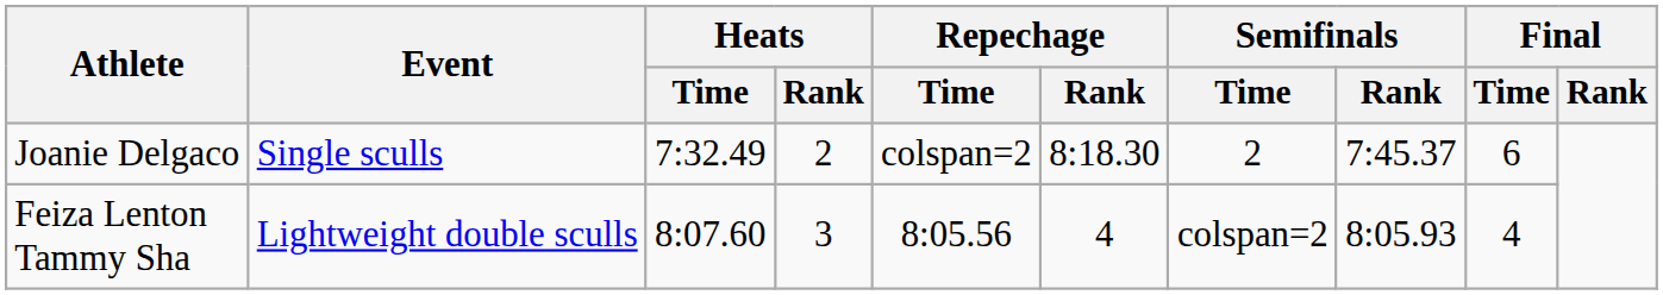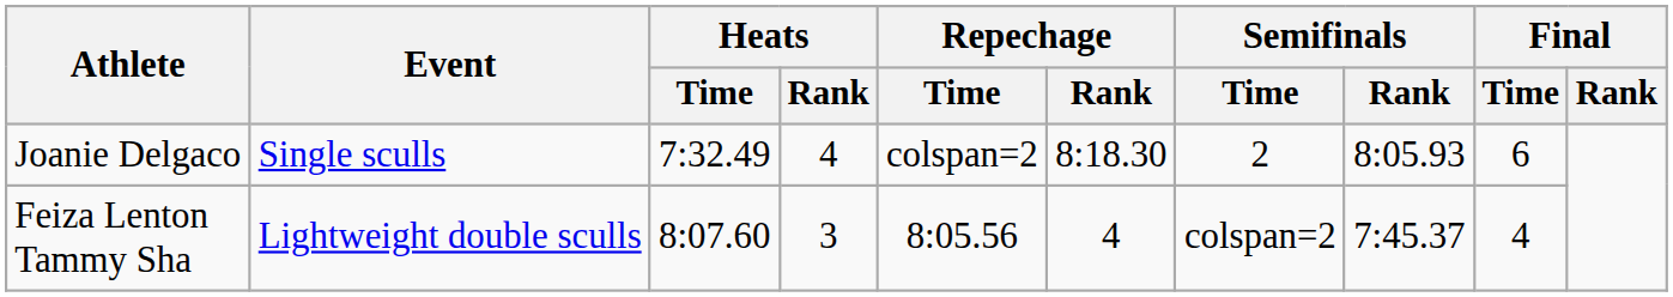 <table class=wikitable style=font-size:90%;text-align:center>
 <tr>
 <th rowspan=2>Athlete</th>
 <th rowspan=2>Event</th>
 <th colspan=2>Heats</th>
 <th colspan=2>Repechage</th>
 <th colspan=2>Semifinals</th>
 <th colspan=2>Final</th>
 </tr>
 <tr style="font-size:95%">
 <th>Time</th>
 <th>Rank</th>
 <th>Time</th>
 <th>Rank</th>
 <th>Time</th>
 <th>Rank</th>
 <th>Time</th>
 <th>Rank</th>
 </tr>
 <tr>
 <td align=left>Joanie Delgaco</td>
 <td align=left><a href='#'>Single sculls</a></td>
 <td>7:32.49</td>
-<td>2 <strong></strong></td>
+<td>4 <strong></strong></td>
 <td>colspan=2 </td>
 <td>8:18.30</td>
 <td>2 <strong></strong></td>
-<td>7:45.37</td>
+<td>8:05.93</td>
 <td>6</td>
 </tr>
 <tr>
 <td align=left>Feiza Lenton<br>Tammy Sha</td>
 <td align=left><a href='#'>Lightweight double sculls</a></td>
 <td>8:07.60</td>
 <td>3 <strong></strong></td>
 <td>8:05.56</td>
 <td>4 <strong></strong></td>
 <td>colspan=2 </td>
-<td>8:05.93</td>
+<td>7:45.37</td>
 <td>4 <strong></strong></td>
 </tr>
 </table>
